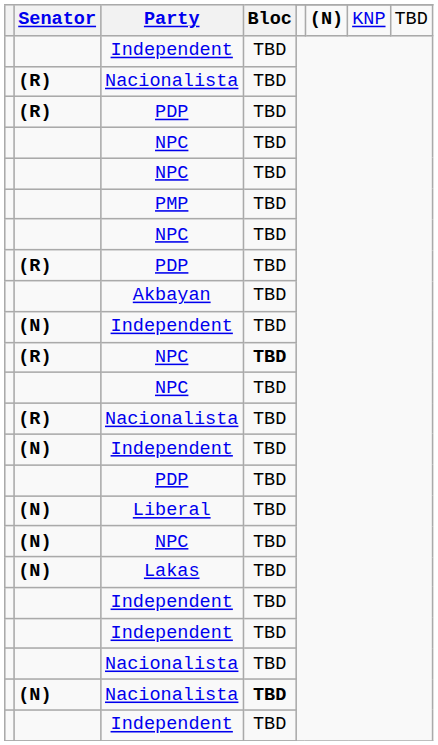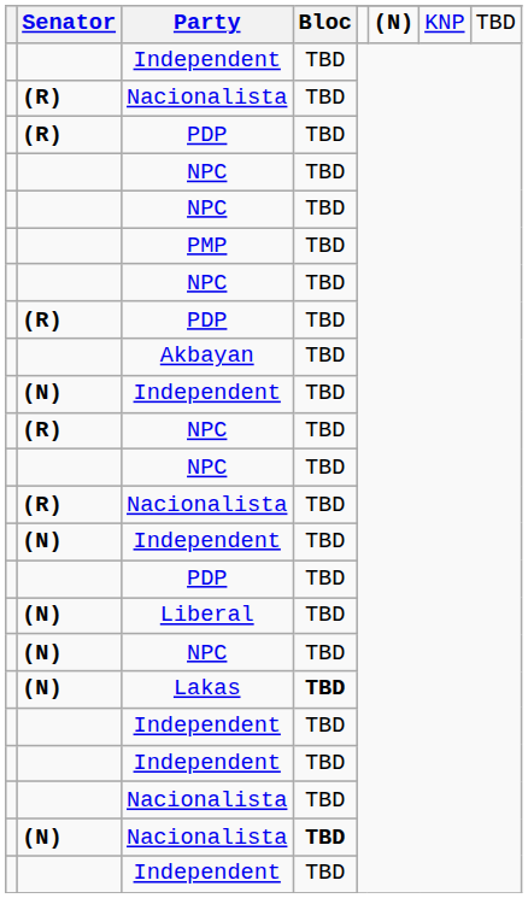 <table class="wikitable sortable" style="text-align:center; font-size:92%;">
 <tr>
 <th rowspan=2 class="unsortable"></th>
 <th rowspan=2><a href='#'>Senator</a></th>
 <th rowspan=2><a href='#'>Party</a></th>
 <th rowspan=2>Bloc</th>
 </tr>
 <tr>
 <td></td>
 <td align=left> <strong>(N)</strong></td>
 <td><a href='#'>KNP</a></td>
 <td>TBD</td>
 </tr>
 <tr>
 <td></td>
 <td align=left></td>
 <td><a href='#'>Independent</a></td>
 <td>TBD</td>
 </tr>
 <tr>
 <td></td>
 <td align=left> <strong>(R)</strong></td>
 <td><a href='#'>Nacionalista</a></td>
 <td>TBD</td>
 </tr>
 <tr>
 <td></td>
 <td align=left> <strong>(R)</strong></td>
 <td><a href='#'>PDP</a></td>
 <td>TBD</td>
 </tr>
 <tr>
 <td></td>
 <td align=left></td>
 <td><a href='#'>NPC</a></td>
 <td>TBD</td>
 </tr>
 <tr>
 <td></td>
 <td align=left></td>
 <td><a href='#'>NPC</a></td>
 <td>TBD</td>
 </tr>
 <tr>
 <td></td>
 <td align=left></td>
 <td><a href='#'>PMP</a></td>
 <td>TBD</td>
 </tr>
 <tr>
 <td></td>
 <td align=left></td>
 <td><a href='#'>NPC</a></td>
 <td>TBD</td>
 </tr>
 <tr>
 <td></td>
 <td align=left> <strong>(R)</strong></td>
 <td><a href='#'>PDP</a></td>
 <td>TBD</td>
 </tr>
 <tr>
 <td></td>
 <td align=left></td>
 <td><a href='#'>Akbayan</a></td>
 <td>TBD</td>
 </tr>
 <tr>
 <td></td>
 <td align=left> <strong>(N)</strong></td>
 <td><a href='#'>Independent</a></td>
 <td>TBD</td>
 </tr>
 <tr>
 <td></td>
 <td align=left> <strong>(R)</strong></td>
 <td><a href='#'>NPC</a></td>
-<td><strong>TBD</strong></td>
+<td>TBD</td>
 </tr>
 <tr>
 <td></td>
 <td align=left></td>
 <td><a href='#'>NPC</a></td>
 <td>TBD</td>
 </tr>
 <tr>
 <td></td>
 <td align=left> <strong>(R)</strong></td>
 <td><a href='#'>Nacionalista</a></td>
 <td>TBD</td>
 </tr>
 <tr>
 <td></td>
 <td align=left> <strong>(N)</strong></td>
 <td><a href='#'>Independent</a></td>
 <td>TBD</td>
 </tr>
 <tr>
 <td></td>
 <td align=left></td>
 <td><a href='#'>PDP</a></td>
 <td>TBD</td>
 </tr>
 <tr>
 <td></td>
 <td align=left> <strong>(N)</strong></td>
 <td><a href='#'>Liberal</a></td>
 <td>TBD</td>
 </tr>
 <tr>
 <td></td>
 <td align=left> <strong>(N)</strong></td>
 <td><a href='#'>NPC</a></td>
 <td>TBD</td>
 </tr>
 <tr>
 <td></td>
 <td align=left> <strong>(N)</strong></td>
 <td><a href='#'>Lakas</a></td>
-<td>TBD</td>
+<td><strong>TBD</strong></td>
 </tr>
 <tr>
 <td></td>
 <td align=left></td>
 <td><a href='#'>Independent</a></td>
 <td>TBD</td>
 </tr>
 <tr>
 <td></td>
 <td align=left></td>
 <td><a href='#'>Independent</a></td>
 <td>TBD</td>
 </tr>
 <tr>
 <td></td>
 <td align=left></td>
 <td><a href='#'>Nacionalista</a></td>
 <td>TBD</td>
 </tr>
 <tr>
 <td></td>
 <td align=left> <strong>(N)</strong></td>
 <td><a href='#'>Nacionalista</a></td>
 <td><strong>TBD</strong></td>
 </tr>
 <tr>
 <td></td>
 <td align=left></td>
 <td><a href='#'>Independent</a></td>
 <td>TBD</td>
 </tr>
 <tr>
 </tr>
 </table>
